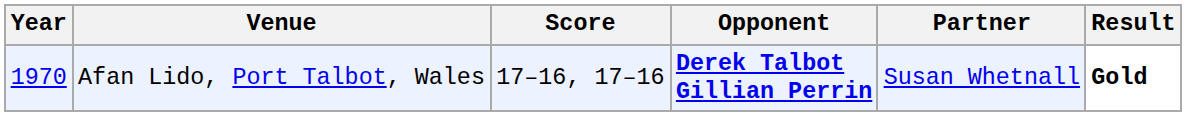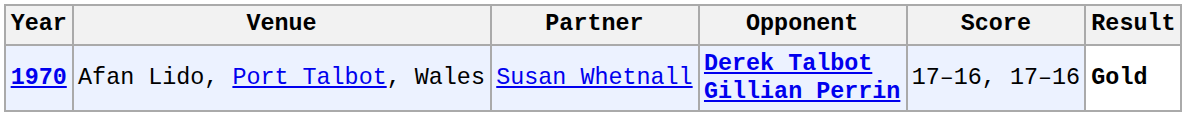 <table class="sortable wikitable" style="font-size: 90%;">
 <tr>
 <th>Year</th>
 <th>Venue</th>
+<th>Partner</th>
+<th>Opponent</th>
 <th>Score</th>
-<th>Opponent</th>
-<th>Partner</th>
 <th>Result</th>
 </tr>
 <tr style="background:#ECF2FF">
-<td align="center"><a href='#'>1970</a></td>
+<td align="center"><strong><a href='#'>1970</a></strong></td>
 <td align="left">Afan Lido, <a href='#'>Port Talbot</a>, Wales</td>
+<td align="left"> <a href='#'>Susan Whetnall</a></td>
+<td align="left"><strong> <a href='#'>Derek Talbot</a><br> <a href='#'>Gillian Perrin</a></strong></td>
 <td align="left">17–16, 17–16</td>
-<td align="left"><strong> <a href='#'>Derek Talbot</a><br> <a href='#'>Gillian Perrin</a></strong></td>
-<td align="left"> <a href='#'>Susan Whetnall</a></td>
 <td style="text-align:left; background:white">  <strong>Gold</strong></td>
 </tr>
 </table>
